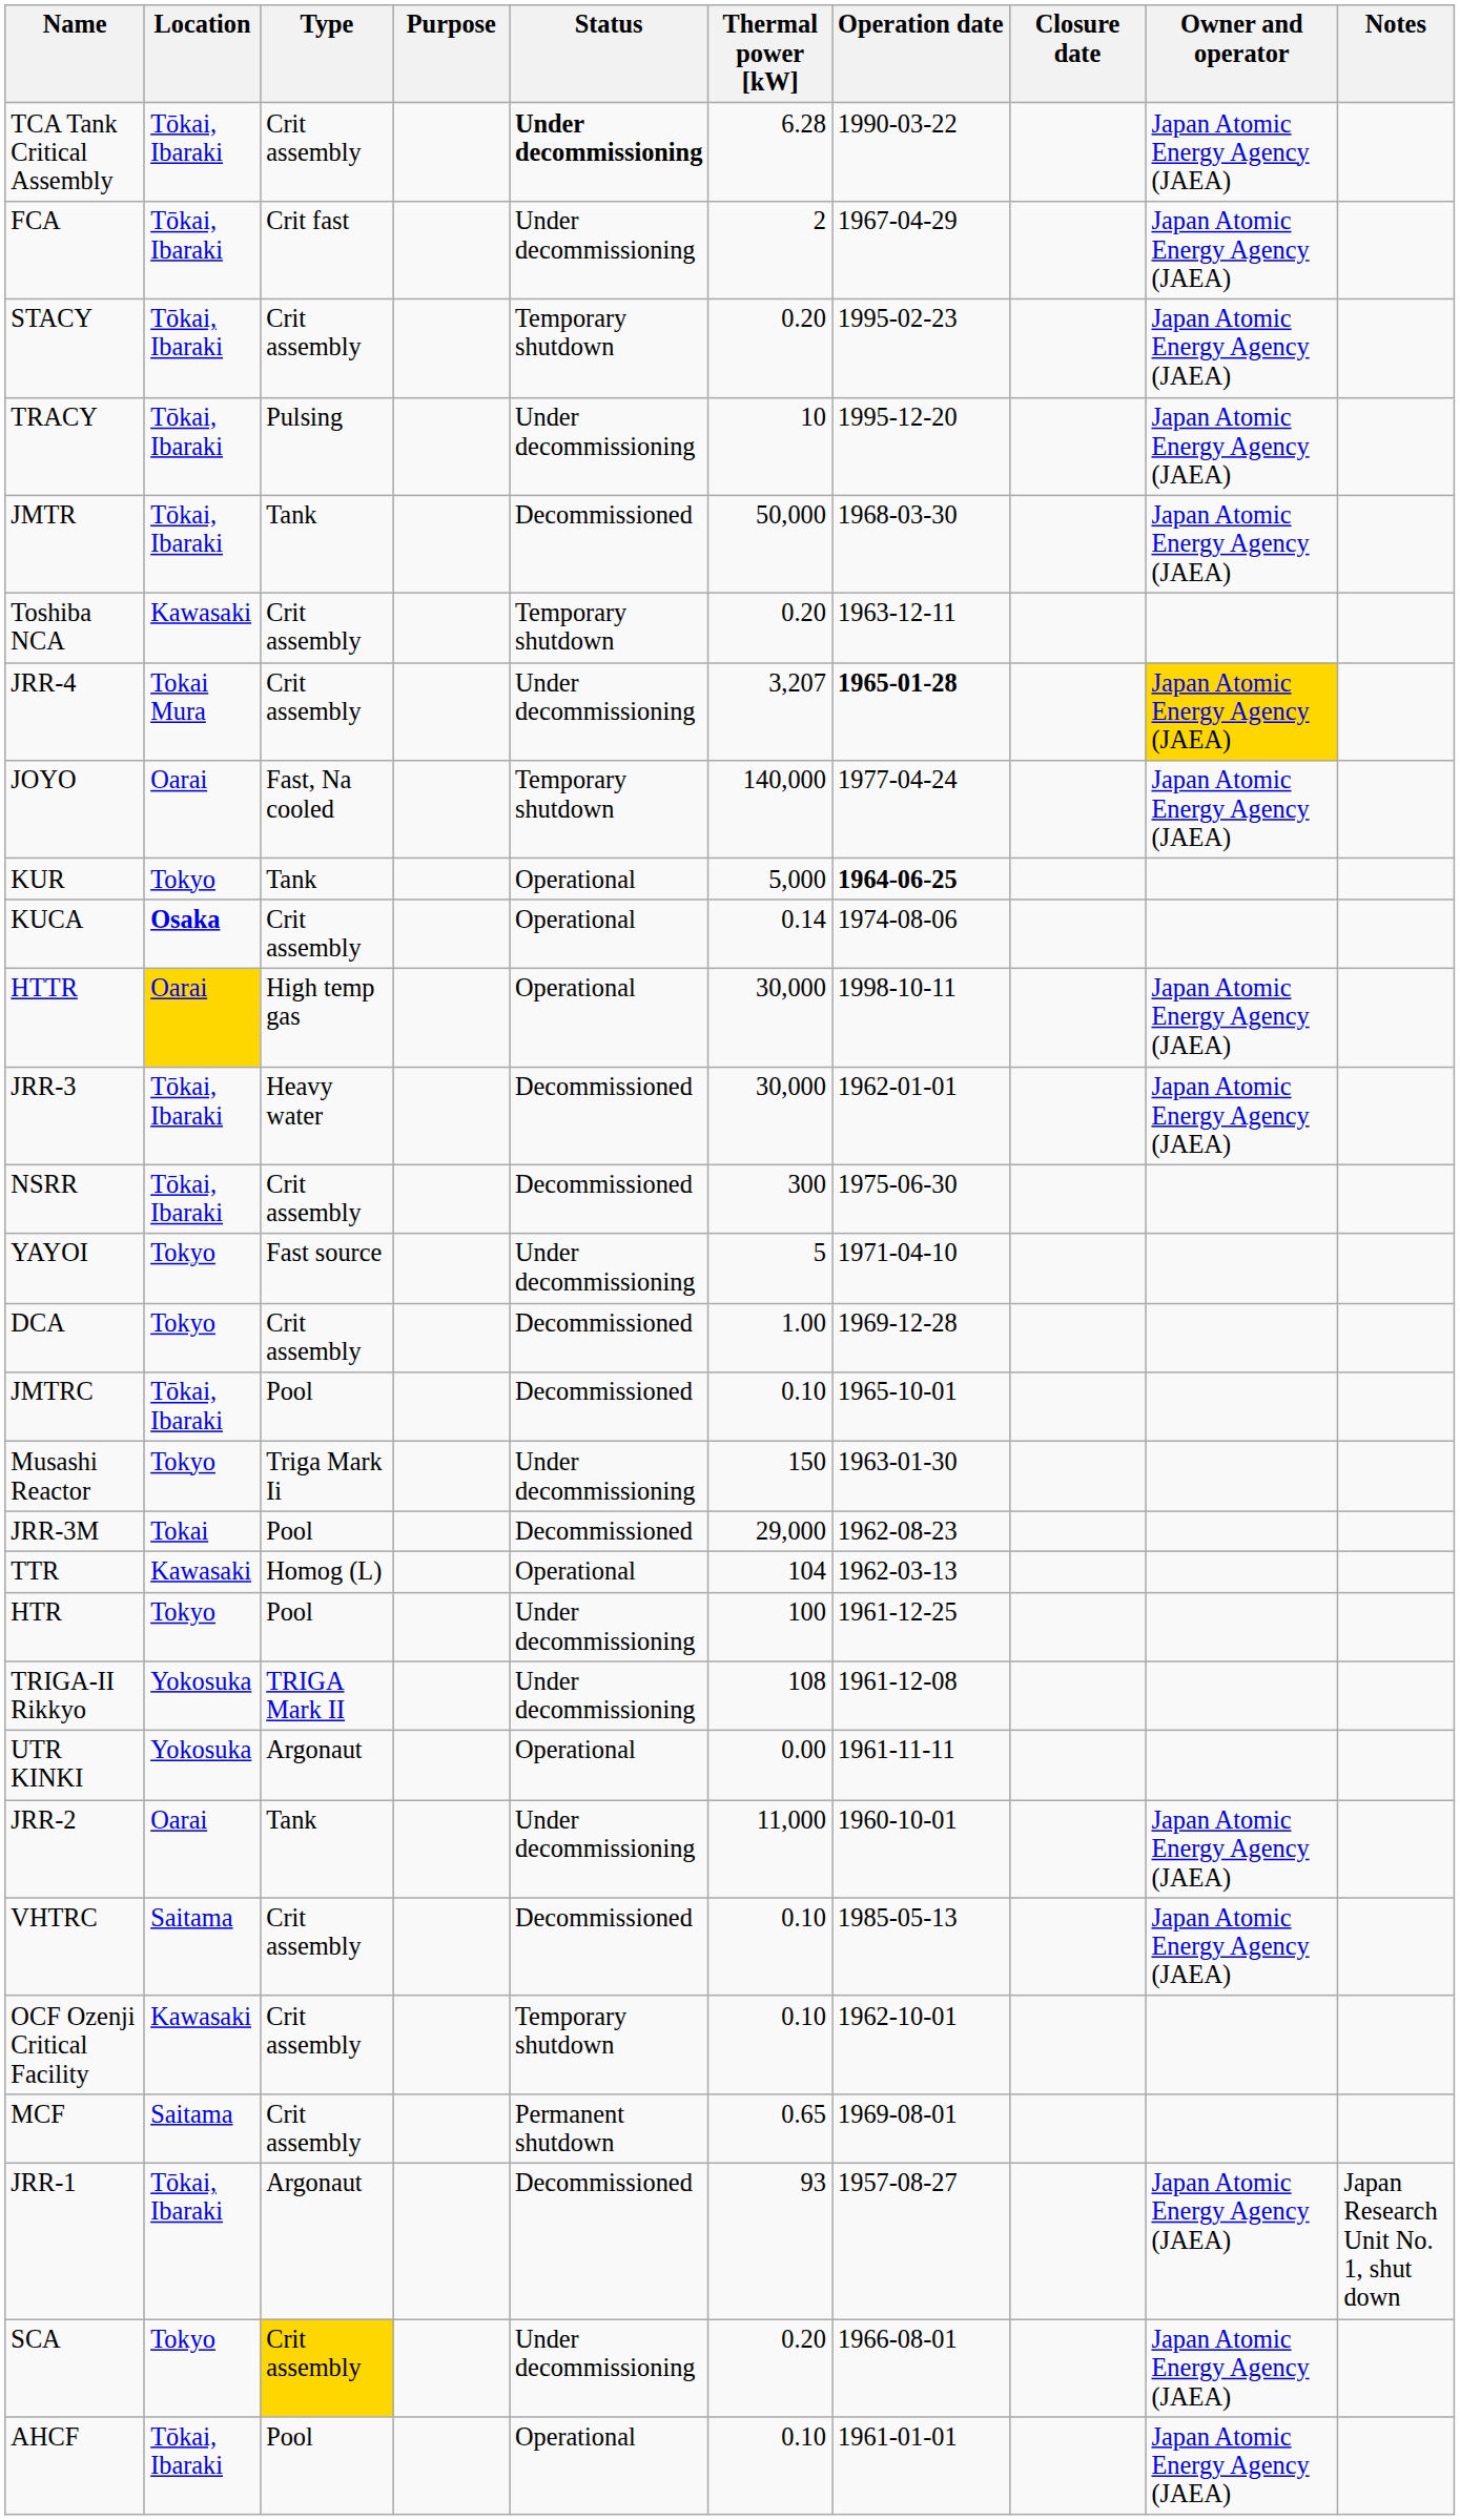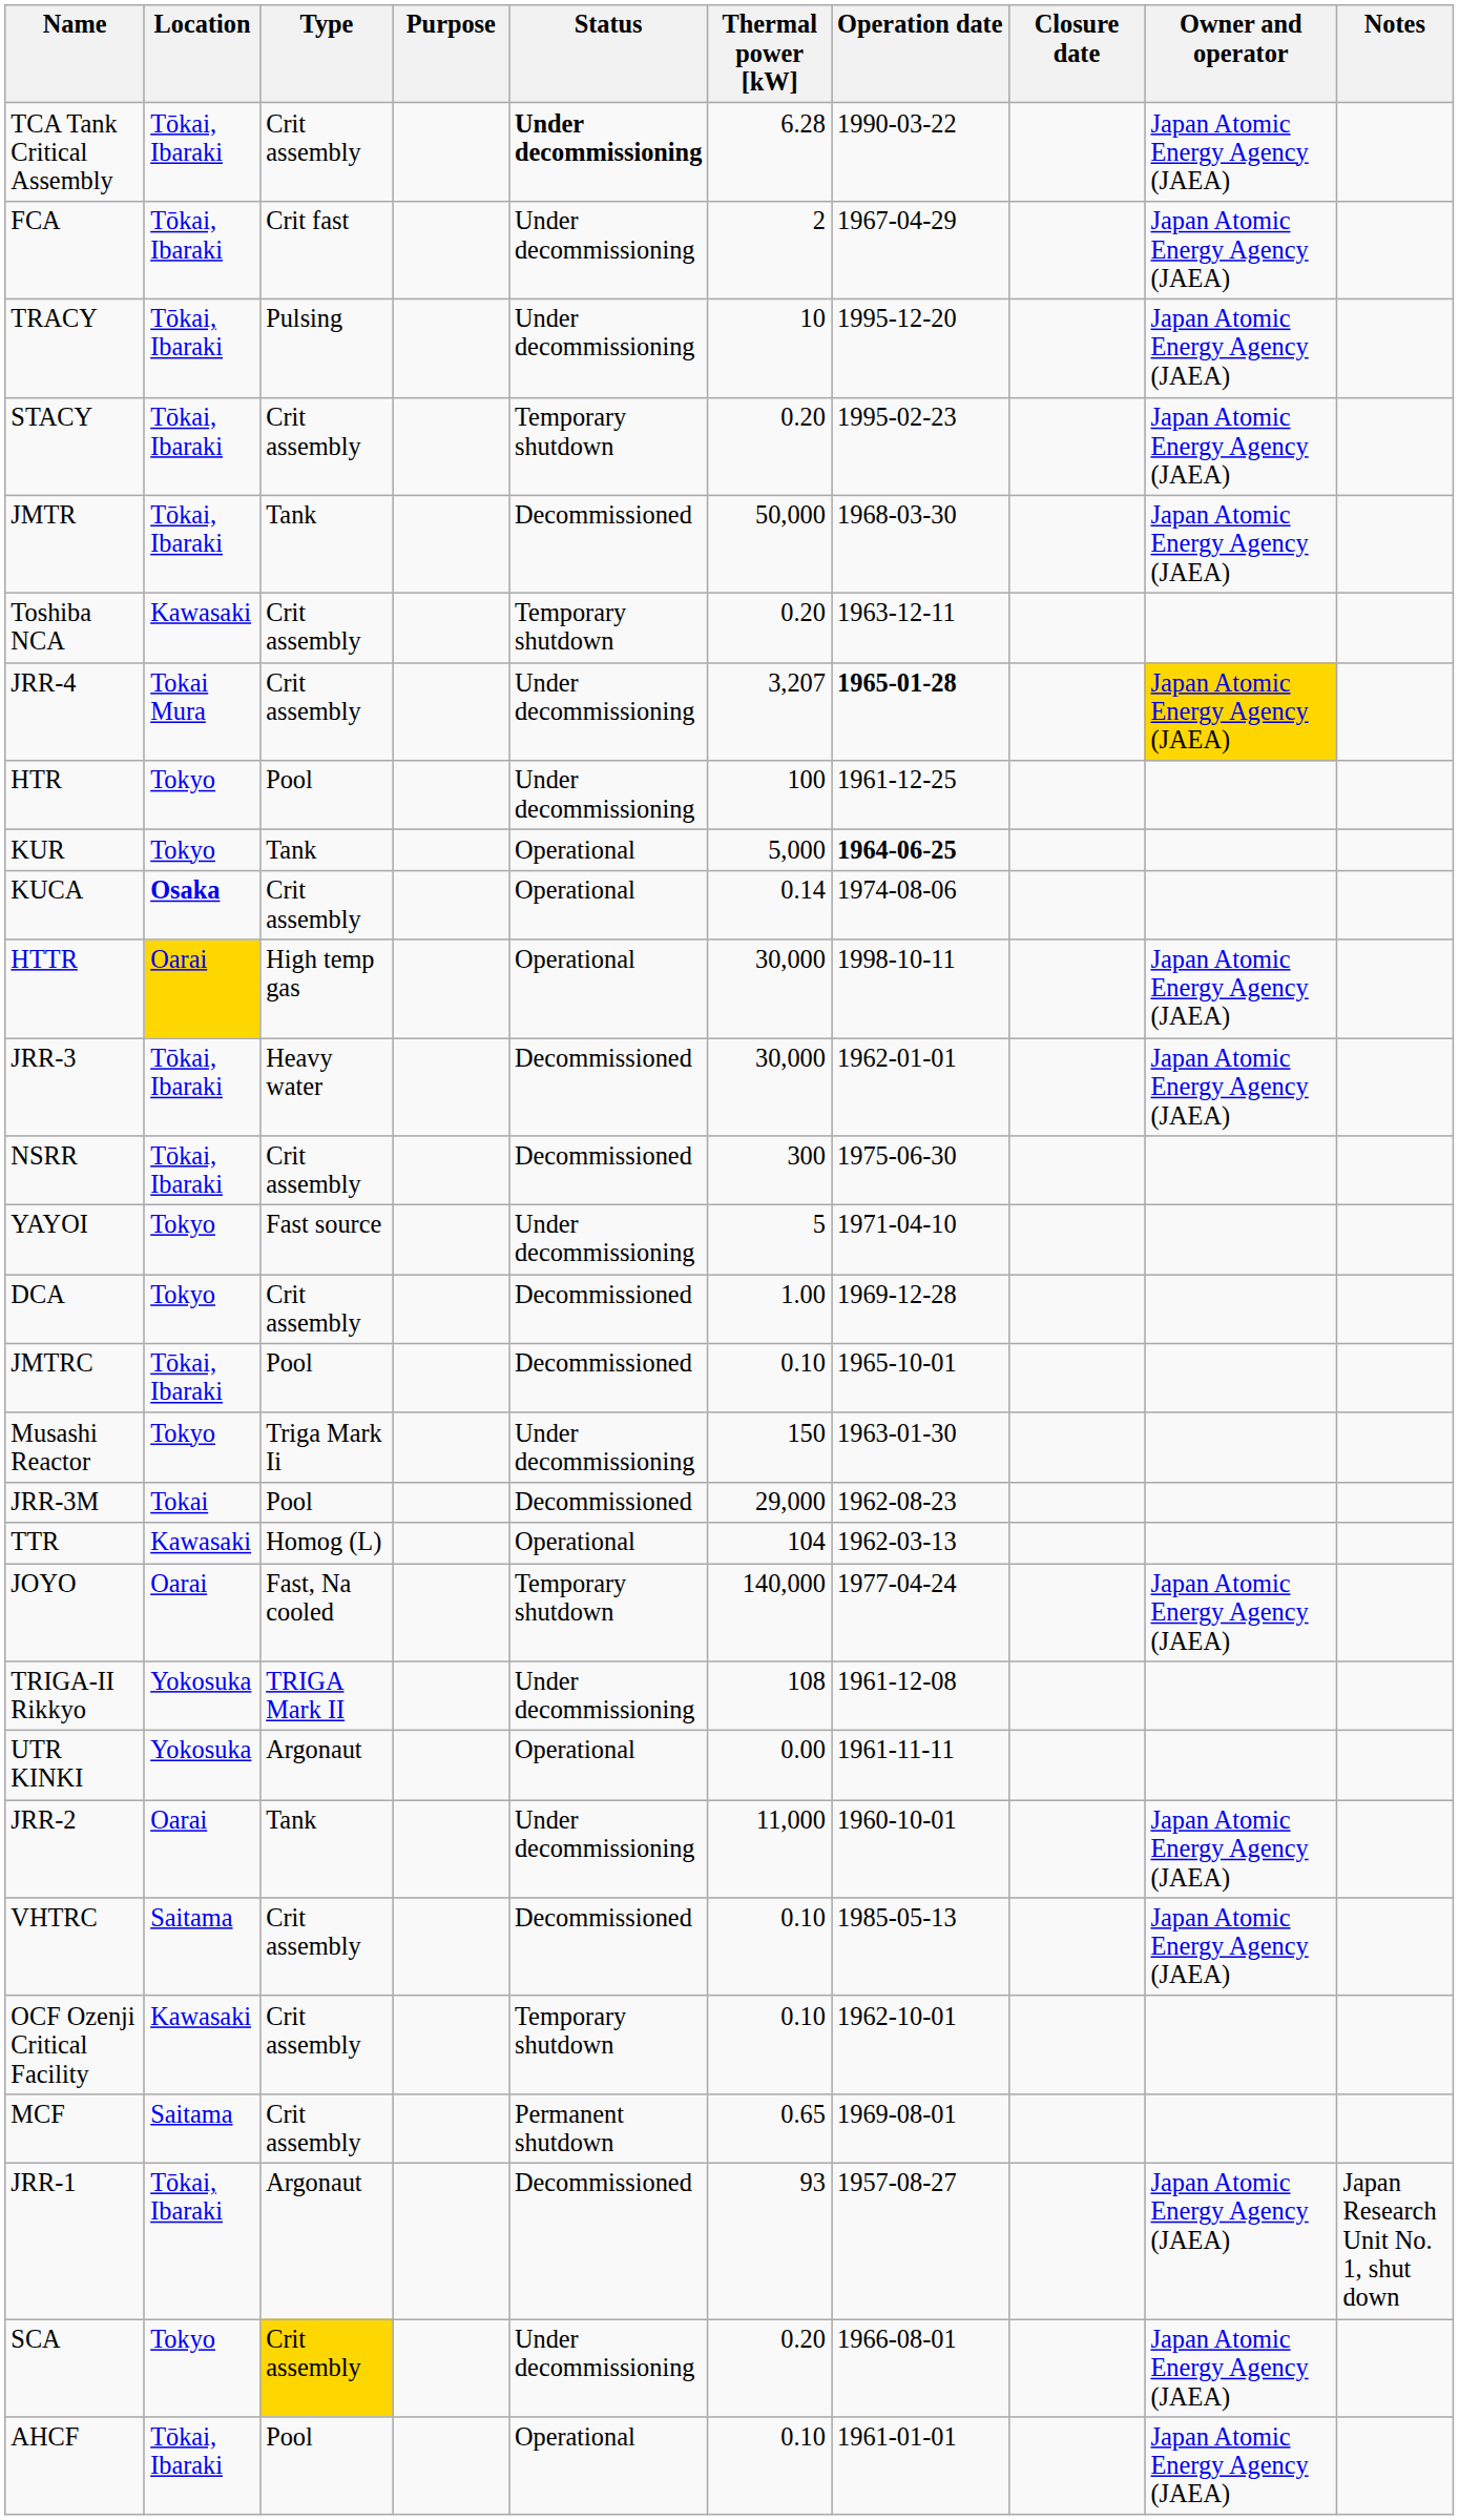 <table class="wikitable" >
 <tr valign="top">
 <th width="80">Name</th>
 <th width="65">Location</th>
 <th width="76">Type</th>
 <th width="65">Purpose</th>
 <th width="91">Status</th>
 <th width="70“">Thermal power [kW]</th>
 <th width=„67“>Operation date</th>
 <th width="78“">Closure date</th>
 <th width="113“">Owner and operator</th>
 <th width="65">Notes</th>
 </tr>
 <tr valign="top">
 <td>TCA Tank Critical Assembly</td>
 <td><a href='#'>Tōkai, Ibaraki</a></td>
 <td>Crit assembly</td>
 <td></td>
 <td><strong>Under decommissioning</strong></td>
 <td align="right">6.28</td>
 <td>1990-03-22</td>
 <td></td>
 <td><a href='#'>Japan Atomic Energy Agency</a> (JAEA)</td>
 <td></td>
 </tr>
 <tr valign="top">
 <td>FCA</td>
 <td><a href='#'>Tōkai, Ibaraki</a></td>
 <td>Crit fast</td>
 <td></td>
 <td>Under decommissioning</td>
 <td align="right">2</td>
 <td>1967-04-29</td>
 <td></td>
 <td><a href='#'>Japan Atomic Energy Agency</a> (JAEA)</td>
 <td></td>
 </tr>
 <tr valign="top">
+<td>TRACY</td>
+<td><a href='#'>Tōkai, Ibaraki</a></td>
+<td>Pulsing</td>
+<td></td>
+<td>Under decommissioning</td>
+<td align="right">10</td>
+<td>1995-12-20</td>
+<td></td>
+<td><a href='#'>Japan Atomic Energy Agency</a> (JAEA)</td>
+<td></td>
+</tr>
+<tr valign="top">
 <td>STACY</td>
 <td><a href='#'>Tōkai, Ibaraki</a></td>
 <td>Crit assembly</td>
 <td></td>
 <td>Temporary shutdown</td>
 <td align="right">0.20</td>
 <td>1995-02-23</td>
-<td></td>
-<td><a href='#'>Japan Atomic Energy Agency</a> (JAEA)</td>
-<td></td>
-</tr>
-<tr valign="top">
-<td>TRACY</td>
-<td><a href='#'>Tōkai, Ibaraki</a></td>
-<td>Pulsing</td>
-<td></td>
-<td>Under decommissioning</td>
-<td align="right">10</td>
-<td>1995-12-20</td>
 <td></td>
 <td><a href='#'>Japan Atomic Energy Agency</a> (JAEA)</td>
 <td></td>
 </tr>
 <tr valign="top">
 <td>JMTR</td>
 <td><a href='#'>Tōkai, Ibaraki</a></td>
 <td>Tank</td>
 <td></td>
 <td>Decommissioned</td>
 <td align="right">50,000</td>
 <td>1968-03-30</td>
 <td></td>
 <td><a href='#'>Japan Atomic Energy Agency</a> (JAEA)</td>
 <td></td>
 </tr>
 <tr valign="top">
 <td>Toshiba NCA</td>
 <td><a href='#'>Kawasaki</a></td>
 <td>Crit assembly</td>
 <td></td>
 <td>Temporary shutdown</td>
 <td align="right">0.20</td>
 <td>1963-12-11</td>
 <td></td>
 <td></td>
 <td></td>
 </tr>
 <tr valign="top">
 <td>JRR-4</td>
 <td><a href='#'>Tokai Mura</a></td>
 <td>Crit assembly</td>
 <td></td>
 <td>Under decommissioning</td>
 <td align="right">3,207</td>
 <td><strong>1965-01-28</strong></td>
 <td></td>
 <td style="background: gold;"><a href='#'>Japan Atomic Energy Agency</a> (JAEA)</td>
 <td></td>
 </tr>
 <tr valign="top">
-<td>JOYO</td>
-<td><a href='#'>Oarai</a></td>
-<td>Fast, Na cooled</td>
+<td>HTR</td>
+<td><a href='#'>Tokyo</a></td>
+<td>Pool</td>
 <td></td>
-<td>Temporary shutdown</td>
-<td align="right">140,000</td>
-<td>1977-04-24</td>
+<td>Under decommissioning</td>
+<td align="right">100</td>
+<td>1961-12-25</td>
 <td></td>
-<td><a href='#'>Japan Atomic Energy Agency</a> (JAEA)</td>
+<td></td>
 <td></td>
 </tr>
 <tr valign="top">
 <td>KUR</td>
 <td><a href='#'>Tokyo</a></td>
 <td>Tank</td>
 <td></td>
 <td>Operational</td>
 <td align="right">5,000</td>
 <td><strong>1964-06-25</strong></td>
 <td></td>
 <td></td>
 <td></td>
 </tr>
 <tr valign="top">
 <td>KUCA</td>
 <td><strong><a href='#'>Osaka</a></strong></td>
 <td>Crit assembly</td>
 <td></td>
 <td>Operational</td>
 <td align="right">0.14</td>
 <td>1974-08-06</td>
 <td></td>
 <td></td>
 <td></td>
 </tr>
 <tr valign="top">
 <td><a href='#'>HTTR</a></td>
 <td style="background: gold;"><a href='#'>Oarai</a></td>
 <td>High temp gas</td>
 <td></td>
 <td>Operational</td>
 <td align="right">30,000</td>
 <td>1998-10-11</td>
 <td></td>
 <td><a href='#'>Japan Atomic Energy Agency</a> (JAEA)</td>
 <td></td>
 </tr>
 <tr valign="top">
 <td>JRR-3</td>
 <td><a href='#'>Tōkai, Ibaraki</a></td>
 <td>Heavy water</td>
 <td></td>
 <td>Decommissioned</td>
 <td align="right">30,000</td>
 <td>1962-01-01</td>
 <td></td>
 <td><a href='#'>Japan Atomic Energy Agency</a> (JAEA)</td>
 <td></td>
 </tr>
 <tr valign="top">
 <td>NSRR</td>
 <td><a href='#'>Tōkai, Ibaraki</a></td>
 <td>Crit assembly</td>
 <td></td>
 <td>Decommissioned</td>
 <td align="right">300</td>
 <td>1975-06-30</td>
 <td></td>
 <td></td>
 <td></td>
 </tr>
 <tr valign="top">
 <td>YAYOI</td>
 <td><a href='#'>Tokyo</a></td>
 <td>Fast source</td>
 <td></td>
 <td>Under decommissioning</td>
 <td align="right">5</td>
 <td>1971-04-10</td>
 <td></td>
 <td></td>
 <td></td>
 </tr>
 <tr valign="top">
 <td>DCA</td>
 <td><a href='#'>Tokyo</a></td>
 <td>Crit assembly</td>
 <td></td>
 <td>Decommissioned</td>
 <td align="right">1.00</td>
 <td>1969-12-28</td>
 <td></td>
 <td></td>
 <td></td>
 </tr>
 <tr valign="top">
 <td>JMTRC</td>
 <td><a href='#'>Tōkai, Ibaraki</a></td>
 <td>Pool</td>
 <td></td>
 <td>Decommissioned</td>
 <td align="right">0.10</td>
 <td>1965-10-01</td>
 <td></td>
 <td></td>
 <td></td>
 </tr>
 <tr valign="top">
 <td>Musashi Reactor</td>
 <td><a href='#'>Tokyo</a></td>
 <td>Triga Mark Ii</td>
 <td></td>
 <td>Under decommissioning</td>
 <td align="right">150</td>
 <td>1963-01-30</td>
 <td></td>
 <td></td>
 <td></td>
 </tr>
 <tr valign="top">
 <td>JRR-3M</td>
 <td><a href='#'>Tokai</a></td>
 <td>Pool</td>
 <td></td>
 <td>Decommissioned</td>
 <td align="right">29,000</td>
 <td>1962-08-23</td>
 <td></td>
 <td></td>
 <td></td>
 </tr>
 <tr valign="top">
 <td>TTR</td>
 <td><a href='#'>Kawasaki</a></td>
 <td>Homog (L)</td>
 <td></td>
 <td>Operational</td>
 <td align="right">104</td>
 <td>1962-03-13</td>
 <td></td>
 <td></td>
 <td></td>
 </tr>
 <tr valign="top">
-<td>HTR</td>
-<td><a href='#'>Tokyo</a></td>
-<td>Pool</td>
+<td>JOYO</td>
+<td><a href='#'>Oarai</a></td>
+<td>Fast, Na cooled</td>
 <td></td>
-<td>Under decommissioning</td>
-<td align="right">100</td>
-<td>1961-12-25</td>
+<td>Temporary shutdown</td>
+<td align="right">140,000</td>
+<td>1977-04-24</td>
 <td></td>
-<td></td>
+<td><a href='#'>Japan Atomic Energy Agency</a> (JAEA)</td>
 <td></td>
 </tr>
 <tr valign="top">
 <td>TRIGA-II Rikkyo</td>
 <td><a href='#'>Yokosuka</a></td>
 <td><a href='#'>TRIGA Mark II</a></td>
 <td></td>
 <td>Under decommissioning</td>
 <td align="right">108</td>
 <td>1961-12-08</td>
 <td></td>
 <td></td>
 <td></td>
 </tr>
 <tr valign="top">
 <td>UTR KINKI</td>
 <td><a href='#'>Yokosuka</a></td>
 <td>Argonaut</td>
 <td></td>
 <td>Operational</td>
 <td align="right">0.00</td>
 <td>1961-11-11</td>
 <td></td>
 <td></td>
 <td></td>
 </tr>
 <tr valign="top">
 <td>JRR-2</td>
 <td><a href='#'>Oarai</a></td>
 <td>Tank</td>
 <td></td>
 <td>Under decommissioning</td>
 <td align="right">11,000</td>
 <td>1960-10-01</td>
 <td></td>
 <td><a href='#'>Japan Atomic Energy Agency</a> (JAEA)</td>
 <td></td>
 </tr>
 <tr valign="top">
 <td>VHTRC</td>
 <td><a href='#'>Saitama</a></td>
 <td>Crit assembly</td>
 <td></td>
 <td>Decommissioned</td>
 <td align="right">0.10</td>
 <td>1985-05-13</td>
 <td></td>
 <td><a href='#'>Japan Atomic Energy Agency</a> (JAEA)</td>
 <td></td>
 </tr>
 <tr valign="top">
 <td>OCF Ozenji Critical Facility</td>
 <td><a href='#'>Kawasaki</a></td>
 <td>Crit assembly</td>
 <td></td>
 <td>Temporary shutdown</td>
 <td align="right">0.10</td>
 <td>1962-10-01</td>
 <td></td>
 <td></td>
 <td></td>
 </tr>
 <tr valign="top">
 <td>MCF</td>
 <td><a href='#'>Saitama</a></td>
 <td>Crit assembly</td>
 <td></td>
 <td>Permanent shutdown</td>
 <td align="right">0.65</td>
 <td>1969-08-01</td>
 <td></td>
 <td></td>
 <td></td>
 </tr>
 <tr valign="top">
 <td>JRR-1</td>
 <td><a href='#'>Tōkai, Ibaraki</a></td>
 <td>Argonaut</td>
 <td></td>
 <td>Decommissioned</td>
 <td align="right">93</td>
 <td>1957-08-27</td>
 <td></td>
 <td><a href='#'>Japan Atomic Energy Agency</a> (JAEA)</td>
 <td>Japan Research Unit No. 1, shut down</td>
 </tr>
 <tr valign="top">
 <td>SCA</td>
 <td><a href='#'>Tokyo</a></td>
 <td style="background: gold;">Crit assembly</td>
 <td></td>
 <td>Under decommissioning</td>
 <td align="right">0.20</td>
 <td>1966-08-01</td>
 <td></td>
 <td><a href='#'>Japan Atomic Energy Agency</a> (JAEA)</td>
 <td></td>
 </tr>
 <tr valign="top">
 <td>AHCF</td>
 <td><a href='#'>Tōkai, Ibaraki</a></td>
 <td>Pool</td>
 <td></td>
 <td>Operational</td>
 <td align="right">0.10</td>
 <td>1961-01-01</td>
 <td></td>
 <td><a href='#'>Japan Atomic Energy Agency</a> (JAEA)</td>
 <td></td>
 </tr>
 </table>
